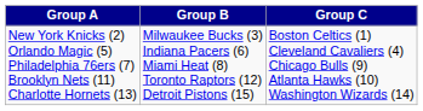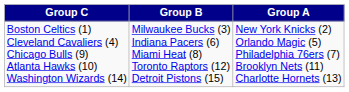 <table class="wikitable">
 <tr>
+<th style="background:darkblue; color:white;" scope="col">Group C</th>
+<th style="background:darkblue; color:white;" scope="col">Group B</th>
 <th style="background:darkblue; color:white;" scope="col">Group A</th>
-<th style="background:darkblue; color:white;" scope="col">Group B</th>
-<th style="background:darkblue; color:white;" scope="col">Group C</th>
 </tr>
 <tr>
+<td><a href='#'>Boston Celtics</a> (1)<br><a href='#'>Cleveland Cavaliers</a> (4)<br><a href='#'>Chicago Bulls</a> (9)<br><a href='#'>Atlanta Hawks</a> (10)<br><a href='#'>Washington Wizards</a> (14)</td>
+<td><a href='#'>Milwaukee Bucks</a> (3)<br><a href='#'>Indiana Pacers</a> (6)<br><a href='#'>Miami Heat</a> (8)<br><a href='#'>Toronto Raptors</a> (12)<br><a href='#'>Detroit Pistons</a> (15)</td>
 <td><a href='#'>New York Knicks</a> (2)<br><a href='#'>Orlando Magic</a> (5)<br><a href='#'>Philadelphia 76ers</a> (7)<br><a href='#'>Brooklyn Nets</a> (11)<br><a href='#'>Charlotte Hornets</a> (13)</td>
-<td><a href='#'>Milwaukee Bucks</a> (3)<br><a href='#'>Indiana Pacers</a> (6)<br><a href='#'>Miami Heat</a> (8)<br><a href='#'>Toronto Raptors</a> (12)<br><a href='#'>Detroit Pistons</a> (15)</td>
-<td><a href='#'>Boston Celtics</a> (1)<br><a href='#'>Cleveland Cavaliers</a> (4)<br><a href='#'>Chicago Bulls</a> (9)<br><a href='#'>Atlanta Hawks</a> (10)<br><a href='#'>Washington Wizards</a> (14)</td>
 </tr>
 </table>
